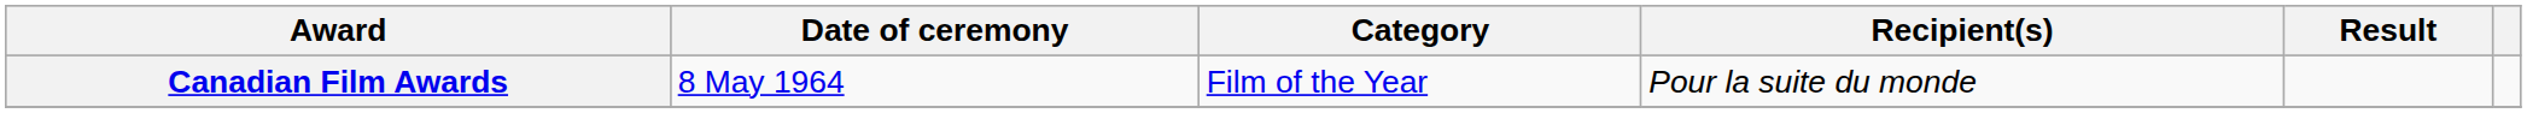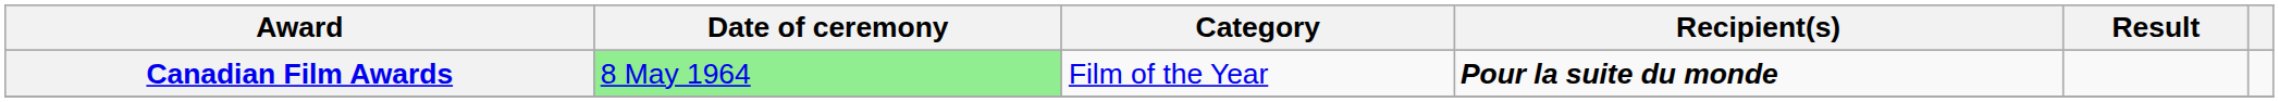 <table class="wikitable sortable plainrowheaders" style="width: 100%;">
 <tr>
 <th scope="col">Award</th>
 <th scope="col">Date of ceremony</th>
 <th scope="col">Category</th>
 <th scope="col">Recipient(s)</th>
 <th scope="col">Result</th>
 <th scope="col" class="unsortable"></th>
 </tr>
 <tr>
 <th rowspan="1"><a href='#'>Canadian Film Awards</a></th>
-<td rowspan="1"><a href='#'>8 May 1964</a></td>
+<td rowspan="1" style="background: lightgreen;"><a href='#'>8 May 1964</a></td>
 <td><a href='#'>Film of the Year</a></td>
-<td><em>Pour la suite du monde</em></td>
+<td><strong><em>Pour la suite du monde</em></strong></td>
 <td></td>
 <td align="center" rowspan="1"></td>
 </tr>
 <tr>
 </tr>
 </table>
